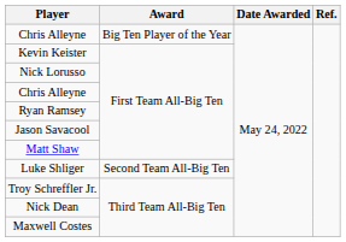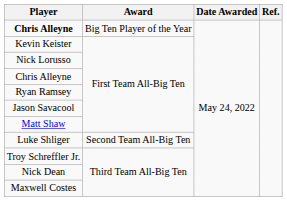 <table class="wikitable sortable sortable" style="text-align: center">
 <tr align=center>
 <th>Player</th>
 <th>Award</th>
 <th>Date Awarded</th>
 <th>Ref.</th>
 </tr>
 <tr>
-<td>Chris Alleyne</td>
+<td><strong>Chris Alleyne</strong></td>
 <td rowspan="1">Big Ten Player of the Year</td>
 <td rowspan="11">May 24, 2022</td>
 <td rowspan="11"></td>
 </tr>
 <tr>
 <td>Kevin Keister</td>
 <td rowspan="6">First Team All-Big Ten</td>
 </tr>
 <tr>
 <td>Nick Lorusso</td>
 </tr>
 <tr>
 <td>Chris Alleyne</td>
 </tr>
 <tr>
 <td>Ryan Ramsey</td>
 </tr>
 <tr>
 <td>Jason Savacool</td>
 </tr>
 <tr>
 <td><a href='#'>Matt Shaw</a></td>
 </tr>
 <tr>
 <td>Luke Shliger</td>
 <td rowspan="1">Second Team All-Big Ten</td>
 </tr>
 <tr>
 <td>Troy Schreffler Jr.</td>
 <td rowspan="3">Third Team All-Big Ten</td>
 </tr>
 <tr>
 <td>Nick Dean</td>
 </tr>
 <tr>
 <td>Maxwell Costes</td>
 </tr>
 </table>
